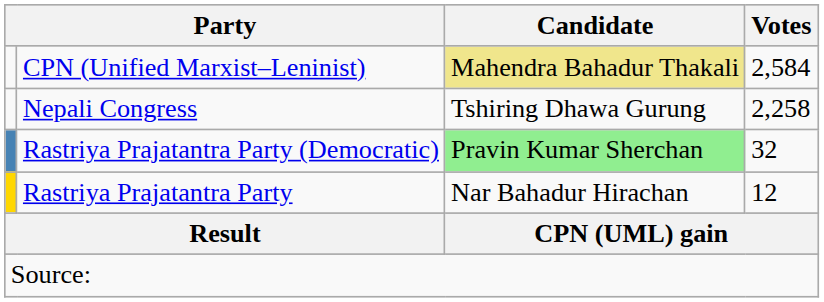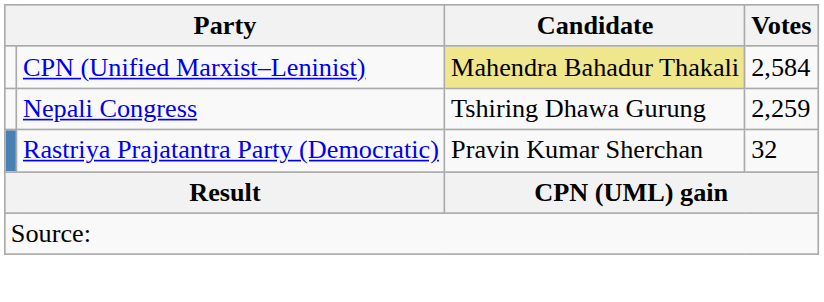 <table class="wikitable">
 <tr>
 <th colspan="2">Party</th>
 <th>Candidate</th>
 <th>Votes</th>
 </tr>
 <tr>
 <td style="background-color:"></td>
 <td><a href='#'>CPN (Unified Marxist–Leninist)</a></td>
 <td style="background: khaki;">Mahendra Bahadur Thakali</td>
 <td>2,584</td>
 </tr>
 <tr>
 <td style="background-color:"></td>
 <td><a href='#'>Nepali Congress</a></td>
 <td>Tshiring Dhawa Gurung</td>
-<td>2,258</td>
+<td>2,259</td>
 </tr>
 <tr>
 <td style="background-color:#4682B4"></td>
 <td><a href='#'>Rastriya Prajatantra Party (Democratic)</a></td>
-<td style="background: lightgreen;">Pravin Kumar Sherchan</td>
+<td>Pravin Kumar Sherchan</td>
 <td>32</td>
-</tr>
-<tr>
-<td style="background-color:gold"></td>
-<td><a href='#'>Rastriya Prajatantra Party</a></td>
-<td>Nar Bahadur Hirachan</td>
-<td>12</td>
 </tr>
 <tr>
 <th colspan="2">Result</th>
 <th colspan="2">CPN (UML) gain</th>
 </tr>
 <tr>
 <td colspan="4">Source: </td>
 </tr>
 </table>
